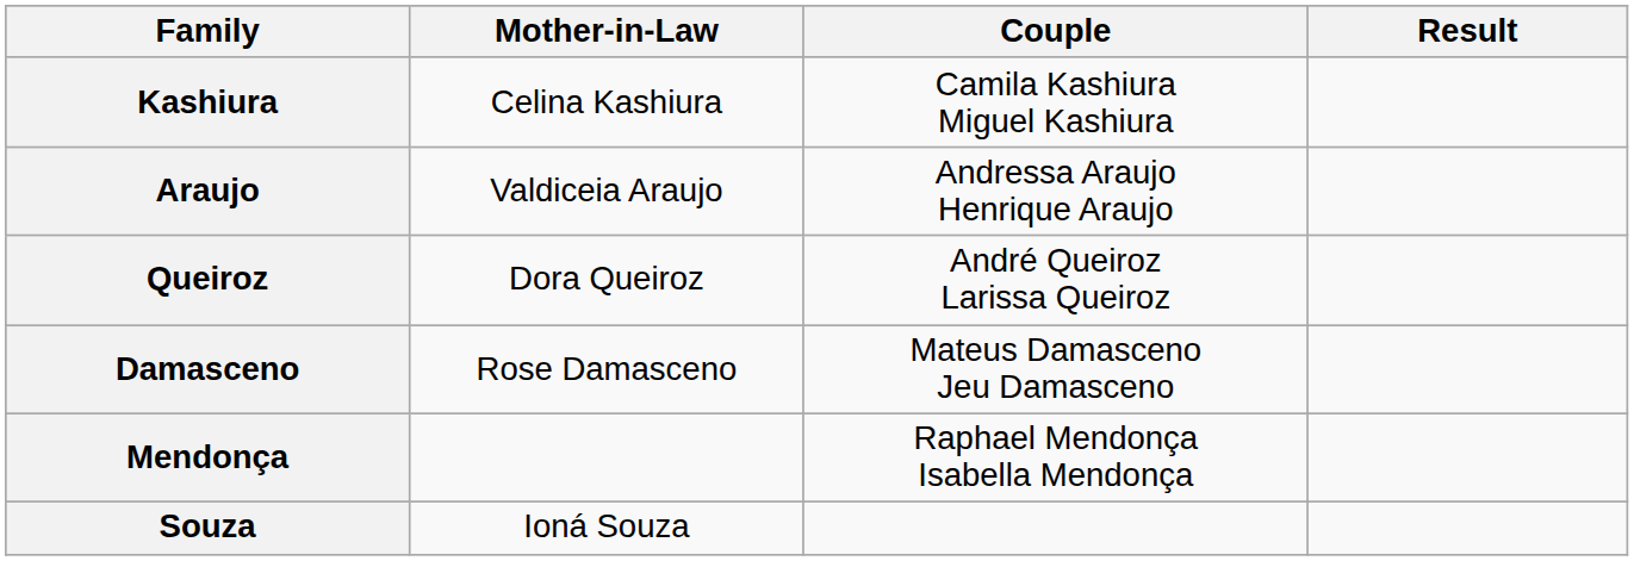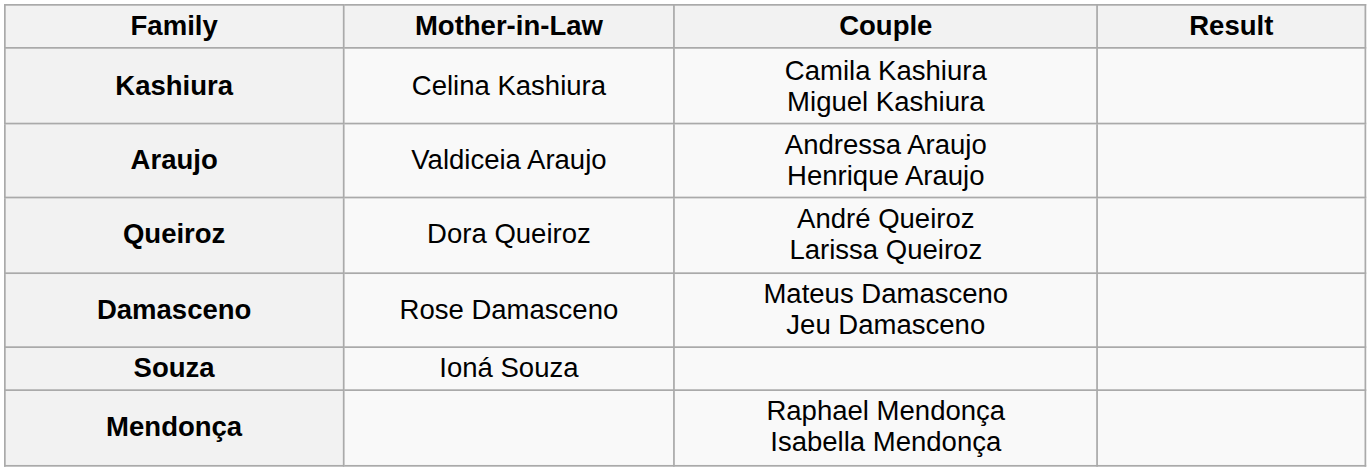 <table class="wikitable" style="text-align:center; font-size:100%; width: 50%">
 <tr>
 <th width="06%">Family</th>
 <th width="06%">Mother-in-Law</th>
 <th width="06%">Couple</th>
 <th width="06%">Result</th>
 </tr>
 <tr>
 <th>Kashiura</th>
 <td>Celina Kashiura</td>
 <td>Camila Kashiura <br>Miguel Kashiura </td>
 <td></td>
 </tr>
 <tr>
 <th>Araujo</th>
 <td>Valdiceia Araujo</td>
 <td>Andressa Araujo <br>Henrique Araujo </td>
 <td></td>
 </tr>
 <tr>
 <th>Queiroz</th>
 <td>Dora Queiroz</td>
 <td>André Queiroz <br>Larissa Queiroz </td>
 <td></td>
 </tr>
 <tr>
 <th>Damasceno</th>
 <td>Rose Damasceno</td>
 <td>Mateus Damasceno <br>Jeu Damasceno </td>
 <td></td>
 </tr>
 <tr>
+<th>Souza</th>
+<td>Ioná Souza</td>
+<td></td>
+<td></td>
+</tr>
+<tr>
 <th>Mendonça</th>
 <td></td>
 <td nowrap>Raphael Mendonça <br>Isabella Mendonça </td>
 <td></td>
 </tr>
-<tr>
-<th>Souza</th>
-<td>Ioná Souza</td>
-<td></td>
-<td></td>
-</tr>
 </table>
